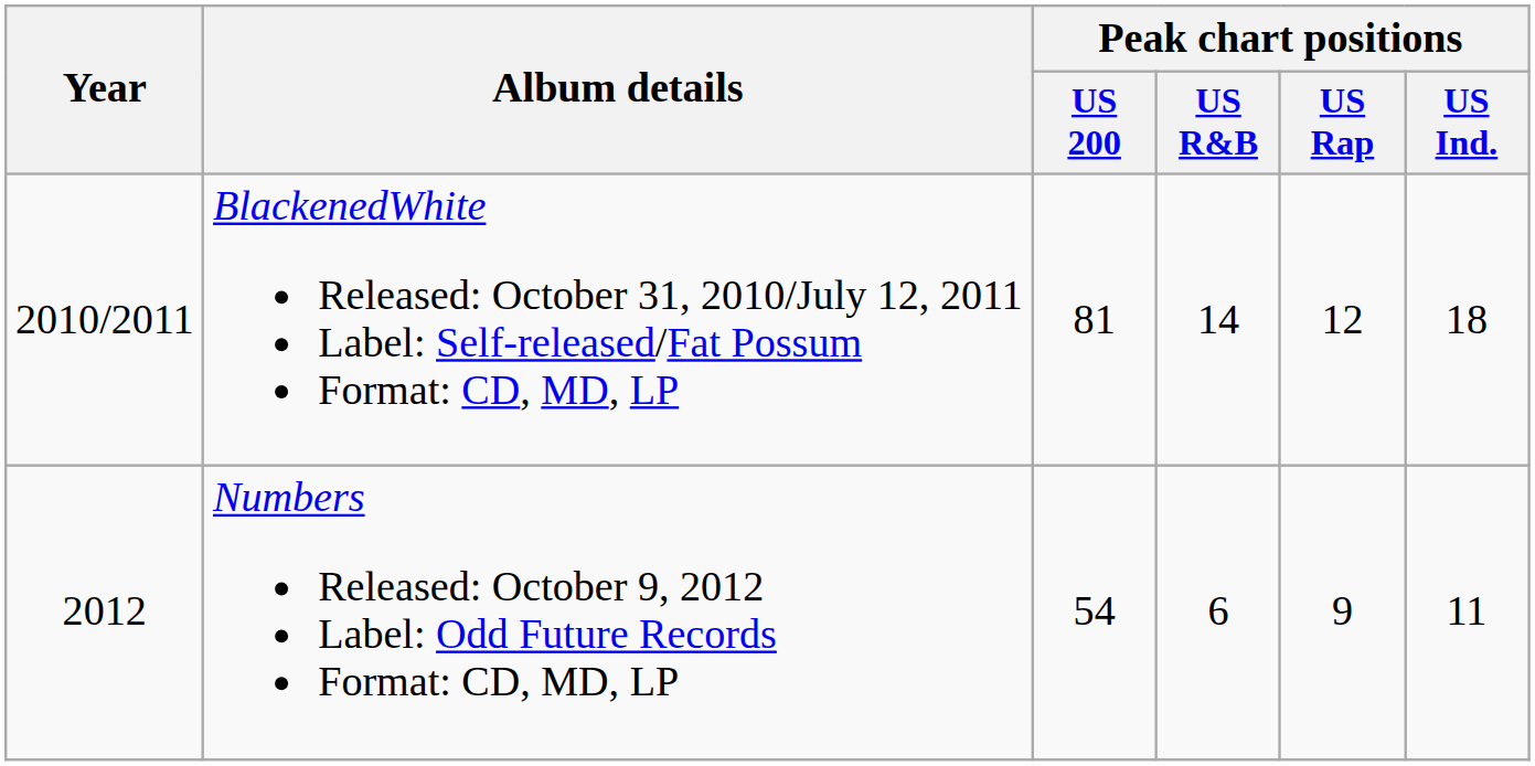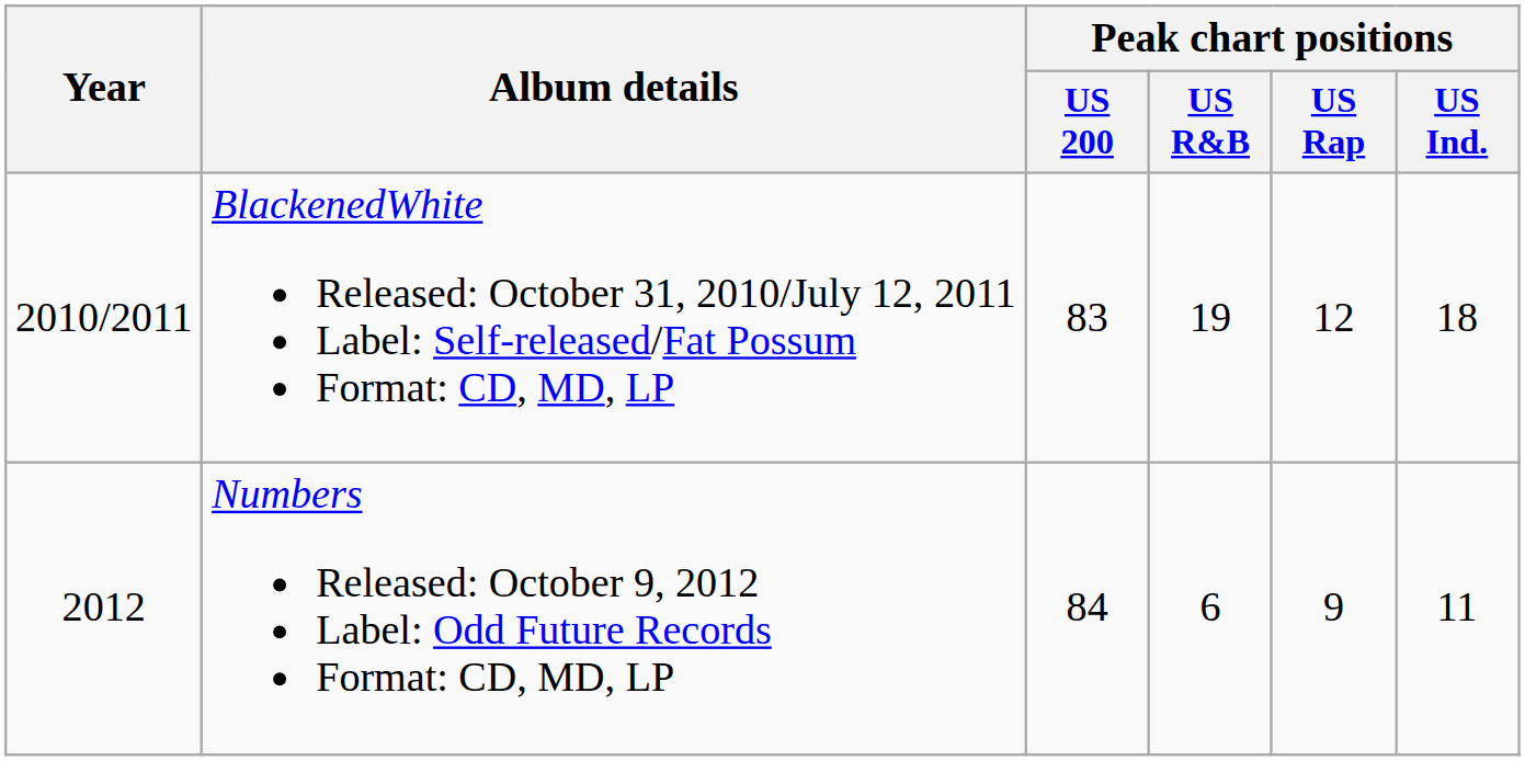 <table class="wikitable">
 <tr>
 <th rowspan="2">Year</th>
 <th rowspan="2">Album details</th>
 <th colspan="4">Peak chart positions</th>
 </tr>
 <tr>
 <th style="width:3em; font-size:85%"><a href='#'>US 200</a></th>
 <th style="width:3em; font-size:85%"><a href='#'>US R&B</a></th>
 <th style="width:3em; font-size:85%"><a href='#'>US Rap</a></th>
 <th style="width:3em; font-size:85%"><a href='#'>US Ind.</a></th>
 </tr>
 <tr>
 <td align="center">2010/2011</td>
 <td><em><a href='#'>BlackenedWhite</a></em><br><ul><li>Released: October 31, 2010/July 12, 2011</li><li>Label: <a href='#'>Self-released</a>/<a href='#'>Fat Possum</a></li><li>Format: <a href='#'>CD</a>, <a href='#'>MD</a>, <a href='#'>LP</a></li></ul></td>
-<td align="center">81</td>
-<td align="center">14</td>
+<td align="center">83</td>
+<td align="center">19</td>
 <td align="center">12</td>
 <td align="center">18</td>
 </tr>
 <tr>
 <td align="center">2012</td>
 <td><em><a href='#'>Numbers</a></em><br><ul><li>Released: October 9, 2012</li><li>Label: <a href='#'>Odd Future Records</a></li><li>Format: CD, MD, LP</li></ul></td>
-<td align="center">54</td>
+<td align="center">84</td>
 <td align="center">6</td>
 <td align="center">9</td>
 <td align="center">11</td>
 </tr>
 </table>
